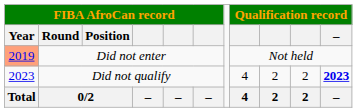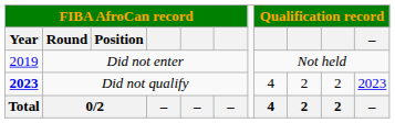 <table class="wikitable" style="text-align:center;">
 <tr>
 <th colspan="6" style="background:green; color:orange;">FIBA AfroCan record</th>
 <td rowspan="5"></td>
 <th colspan="4" style="background:green; color:orange;">Qualification record</th>
 </tr>
 <tr>
 <th>Year</th>
 <th>Round</th>
 <th>Position</th>
 <th width="30"></th>
 <th width="30"></th>
 <th width="30"></th>
 <th width="30"></th>
 <th width="30"></th>
 <th width="30"></th>
 <th>–</th>
 </tr>
 <tr>
-<td style="background: lightsalmon;"> <a href='#'>2019</a></td>
+<td> <a href='#'>2019</a></td>
 <td colspan="5"><em>Did not enter</em></td>
 <td colspan="4"><em>Not held</em></td>
 </tr>
 <tr>
-<td> <a href='#'>2023</a></td>
+<td><strong> <a href='#'>2023</a></strong></td>
 <td colspan="5"><em>Did not qualify</em></td>
 <td>4</td>
 <td>2</td>
 <td>2</td>
-<td><strong><a href='#'>2023</a></strong></td>
+<td><a href='#'>2023</a></td>
 </tr>
 <tr>
 <th>Total</th>
 <th colspan="2">0/2</th>
 <th>–</th>
 <th>–</th>
 <th>–</th>
 <th>4</th>
 <th>2</th>
 <th>2</th>
 <th>–</th>
 </tr>
 </table>
